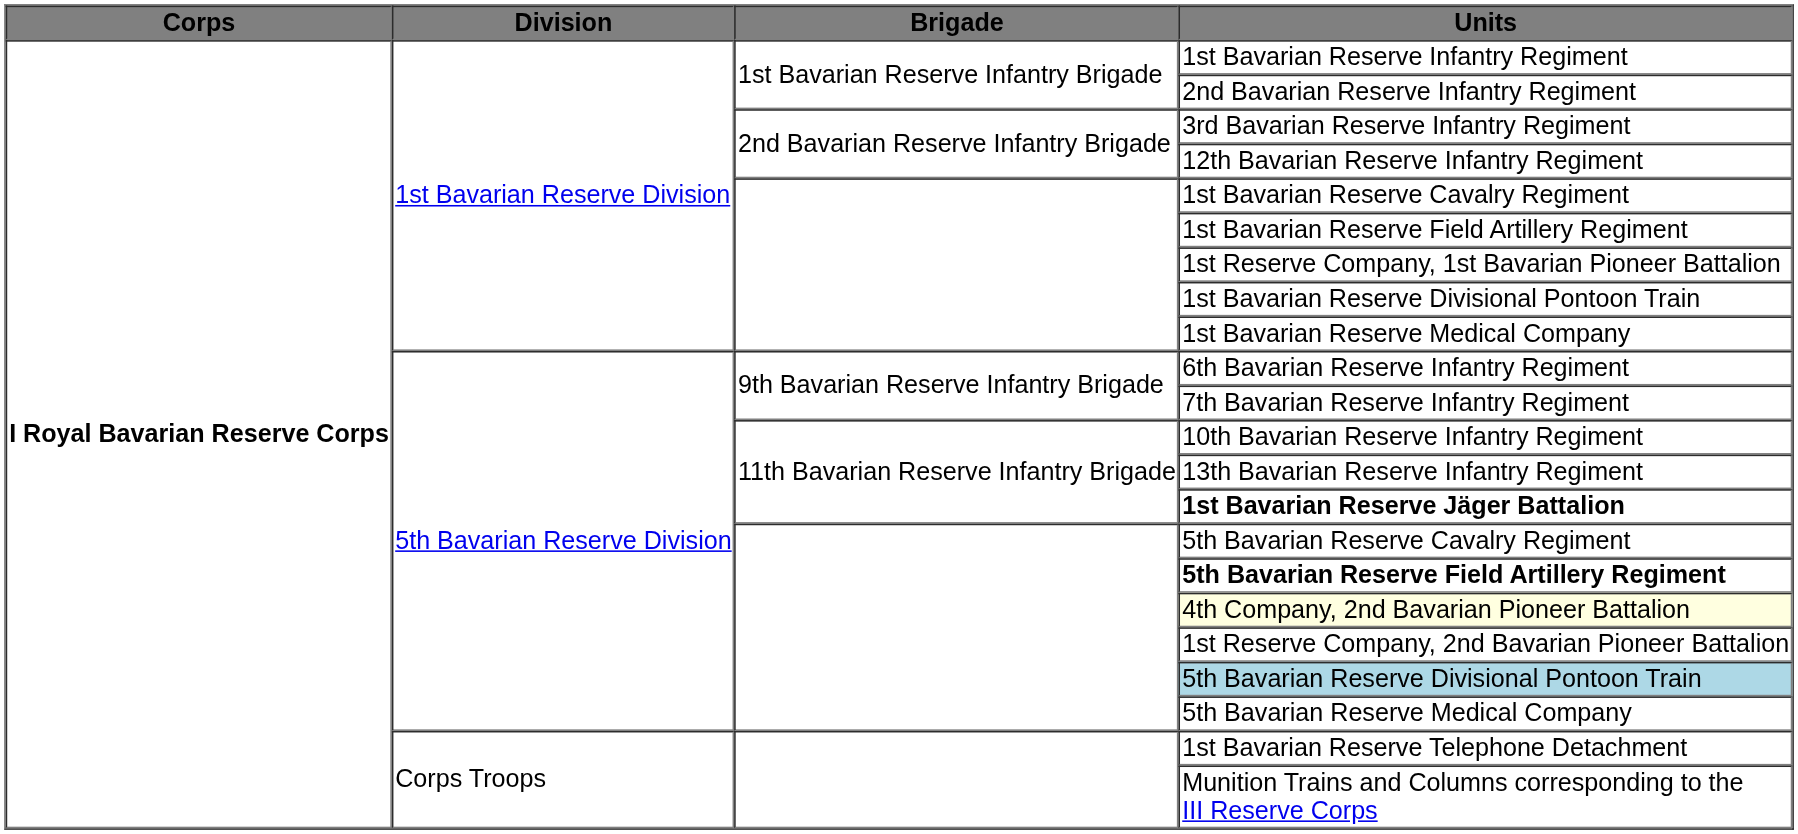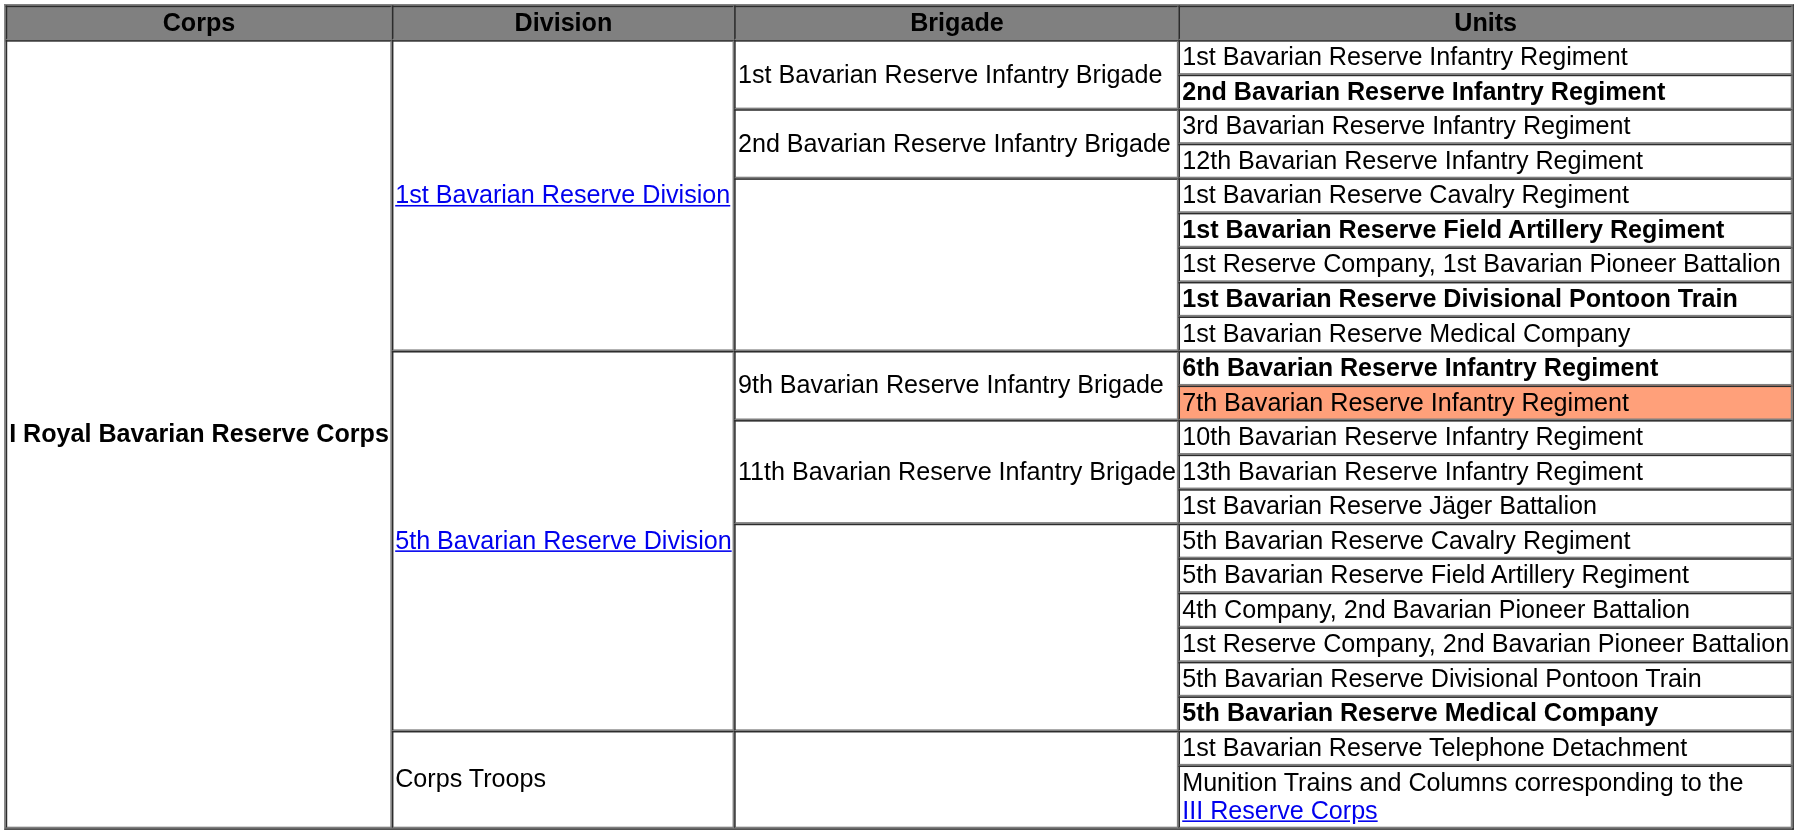 <table style="float: right;" border="1" cellpadding="1" cellspacing="0" style="font-size: 100%; border: gray solid 1px; border-collapse: collapse; text-align: center;">
 <tr style="background-color:grey; color:black;">
 <th>Corps</th>
 <th>Division</th>
 <th>Brigade</th>
 <th>Units</th>
 </tr>
 <tr>
 <td ROWSPAN=22><strong>I Royal Bavarian Reserve Corps</strong></td>
 <td ROWSPAN=9><a href='#'>1st Bavarian Reserve Division</a></td>
 <td ROWSPAN=2>1st Bavarian Reserve Infantry Brigade</td>
 <td>1st Bavarian Reserve Infantry Regiment</td>
 </tr>
 <tr>
-<td>2nd Bavarian Reserve Infantry Regiment</td>
+<td><strong>2nd Bavarian Reserve Infantry Regiment</strong></td>
 </tr>
 <tr>
 <td ROWSPAN=2>2nd Bavarian Reserve Infantry Brigade</td>
 <td>3rd Bavarian Reserve Infantry Regiment</td>
 </tr>
 <tr>
 <td>12th Bavarian Reserve Infantry Regiment</td>
 </tr>
 <tr>
 <td ROWSPAN=5></td>
 <td>1st Bavarian Reserve Cavalry Regiment</td>
 </tr>
 <tr>
-<td>1st Bavarian Reserve Field Artillery Regiment</td>
+<td><strong>1st Bavarian Reserve Field Artillery Regiment</strong></td>
 </tr>
 <tr>
 <td>1st Reserve Company, 1st Bavarian Pioneer Battalion</td>
 </tr>
 <tr>
-<td>1st Bavarian Reserve Divisional Pontoon Train</td>
+<td><strong>1st Bavarian Reserve Divisional Pontoon Train</strong></td>
 </tr>
 <tr>
 <td>1st Bavarian Reserve Medical Company</td>
 </tr>
 <tr>
 <td ROWSPAN=11><a href='#'>5th Bavarian Reserve Division</a></td>
 <td ROWSPAN=2>9th Bavarian Reserve Infantry Brigade</td>
-<td>6th Bavarian Reserve Infantry Regiment</td>
+<td><strong>6th Bavarian Reserve Infantry Regiment</strong></td>
 </tr>
 <tr>
-<td>7th Bavarian Reserve Infantry Regiment</td>
+<td style="background: lightsalmon;">7th Bavarian Reserve Infantry Regiment</td>
 </tr>
 <tr>
 <td ROWSPAN=3>11th Bavarian Reserve Infantry Brigade</td>
 <td>10th Bavarian Reserve Infantry Regiment</td>
 </tr>
 <tr>
 <td>13th Bavarian Reserve Infantry Regiment</td>
 </tr>
 <tr>
-<td><strong>1st Bavarian Reserve Jäger Battalion</strong></td>
+<td>1st Bavarian Reserve Jäger Battalion</td>
 </tr>
 <tr>
 <td ROWSPAN=6></td>
 <td>5th Bavarian Reserve Cavalry Regiment</td>
 </tr>
 <tr>
-<td><strong>5th Bavarian Reserve Field Artillery Regiment</strong></td>
+<td>5th Bavarian Reserve Field Artillery Regiment</td>
 </tr>
 <tr>
-<td style="background: lightyellow;">4th Company, 2nd Bavarian Pioneer Battalion</td>
+<td>4th Company, 2nd Bavarian Pioneer Battalion</td>
 </tr>
 <tr>
 <td>1st Reserve Company, 2nd Bavarian Pioneer Battalion</td>
 </tr>
 <tr>
-<td style="background: lightblue;">5th Bavarian Reserve Divisional Pontoon Train</td>
+<td>5th Bavarian Reserve Divisional Pontoon Train</td>
 </tr>
 <tr>
-<td>5th Bavarian Reserve Medical Company</td>
+<td><strong>5th Bavarian Reserve Medical Company</strong></td>
 </tr>
 <tr>
 <td ROWSPAN=2>Corps Troops</td>
 <td ROWSPAN=2></td>
 <td>1st Bavarian Reserve Telephone Detachment</td>
 </tr>
 <tr>
 <td>Munition Trains and Columns corresponding to the<br><a href='#'>III Reserve Corps</a></td>
 </tr>
 </table>
